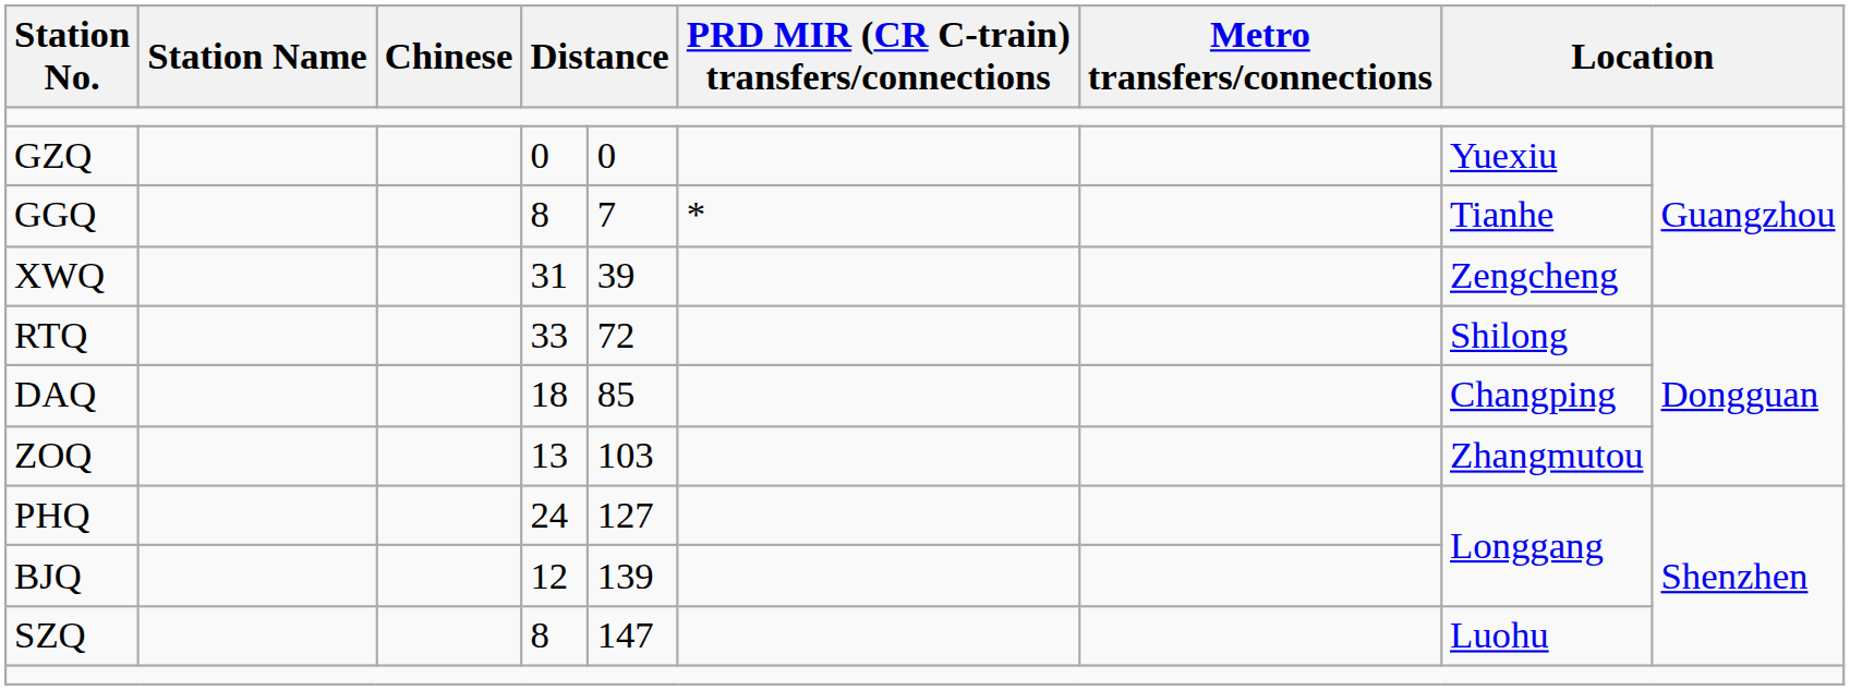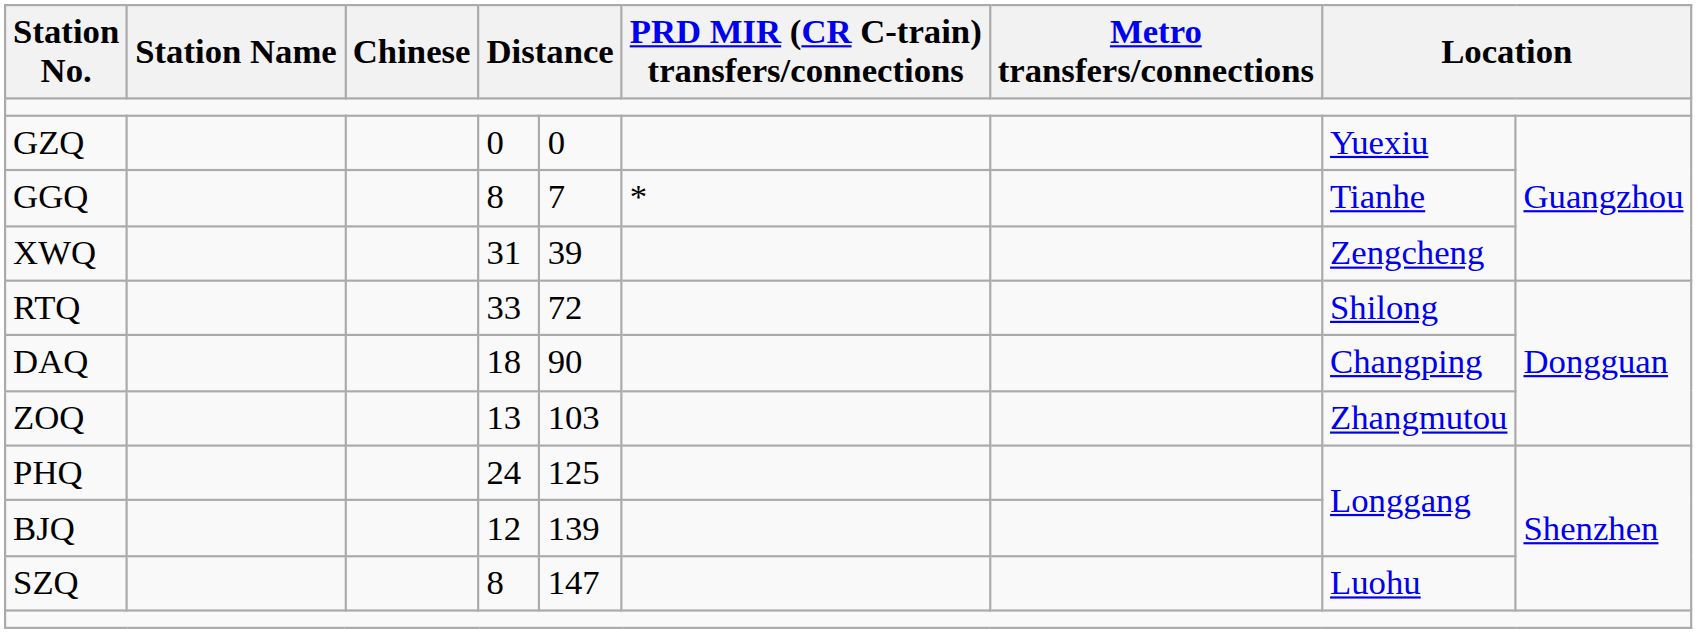 <table class="wikitable">
 <tr>
 <th>Station<br>No.</th>
 <th>Station Name</th>
 <th>Chinese</th>
 <th colspan="2">Distance<br></th>
 <th><a href='#'>PRD MIR</a> (<a href='#'>CR</a> C-train)<br>transfers/connections</th>
 <th><a href='#'>Metro</a><br>transfers/connections</th>
 <th colspan="2">Location</th>
 </tr>
 <tr style="background:#">
 <td colspan = "11"></td>
 </tr>
 <tr>
 <td>GZQ</td>
 <td></td>
 <td></td>
 <td>0</td>
 <td>0</td>
 <td></td>
 <td>  </td>
 <td><a href='#'>Yuexiu</a></td>
 <td rowspan="3"><a href='#'>Guangzhou</a></td>
 </tr>
 <tr>
 <td>GGQ</td>
 <td><br></td>
 <td></td>
 <td>8</td>
 <td>7</td>
 <td>*</td>
 <td>  </td>
 <td><a href='#'>Tianhe</a></td>
 </tr>
 <tr>
 <td>XWQ</td>
 <td></td>
 <td></td>
 <td>31</td>
 <td>39</td>
 <td></td>
 <td> </td>
 <td><a href='#'>Zengcheng</a></td>
 </tr>
 <tr>
 <td>RTQ</td>
 <td></td>
 <td></td>
 <td>33</td>
 <td>72</td>
 <td></td>
 <td> </td>
 <td><a href='#'>Shilong</a></td>
 <td rowspan="3"><a href='#'>Dongguan</a></td>
 </tr>
 <tr>
 <td>DAQ</td>
 <td></td>
 <td></td>
 <td>18</td>
-<td>85</td>
+<td>90</td>
 <td></td>
 <td></td>
 <td><a href='#'>Changping</a></td>
 </tr>
 <tr>
 <td>ZOQ</td>
 <td></td>
 <td></td>
 <td>13</td>
 <td>103</td>
 <td></td>
 <td></td>
 <td><a href='#'>Zhangmutou</a></td>
 </tr>
 <tr>
 <td>PHQ</td>
 <td></td>
 <td></td>
 <td>24</td>
-<td>127</td>
+<td>125</td>
 <td></td>
 <td> </td>
 <td rowspan="2"><a href='#'>Longgang</a></td>
 <td rowspan="3"><a href='#'>Shenzhen</a></td>
 </tr>
 <tr>
 <td>BJQ</td>
 <td><br></td>
 <td></td>
 <td>12</td>
 <td>139</td>
 <td></td>
 <td>   </td>
 </tr>
 <tr>
 <td>SZQ</td>
 <td></td>
 <td></td>
 <td>8</td>
 <td>147</td>
 <td></td>
 <td></td>
 <td><a href='#'>Luohu</a></td>
 </tr>
 <tr style="background:#">
 <td colspan = "11"></td>
 </tr>
 </table>
